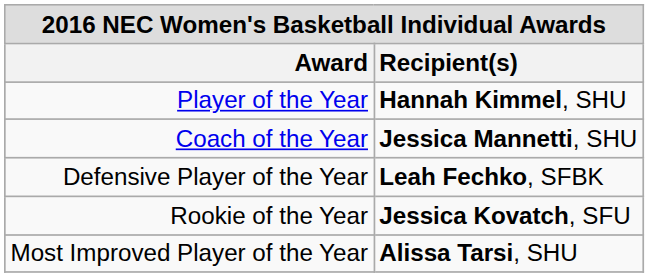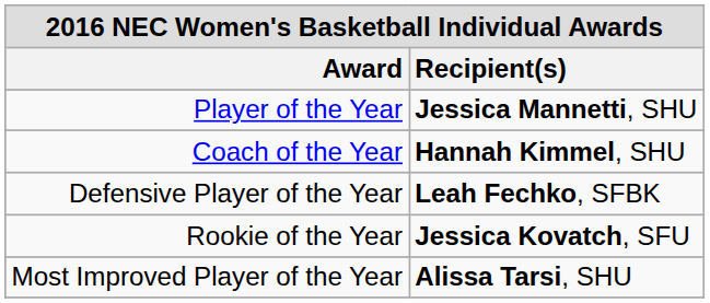 <table class="wikitable" style="white-space:nowrap; font-size:90%;">
 <tr>
 <td colspan="7" style="text-align:center; background:#ddd;"><strong>2016 NEC Women's Basketball Individual Awards</strong></td>
 </tr>
 <tr>
 <th style="text-align:right;">Award</th>
 <th style="text-align:left;">Recipient(s)</th>
 </tr>
 <tr>
 <td style="text-align:right;"><a href='#'>Player of the Year</a></td>
-<td style="text-align:left;"><strong>Hannah Kimmel</strong>, SHU</td>
+<td style="text-align:left;"><strong>Jessica Mannetti</strong>, SHU</td>
 </tr>
 <tr>
 <td style="text-align:right;"><a href='#'>Coach of the Year</a></td>
-<td style="text-align:left;"><strong>Jessica Mannetti</strong>, SHU</td>
+<td style="text-align:left;"><strong>Hannah Kimmel</strong>, SHU</td>
 </tr>
 <tr>
 <td style="text-align:right;">Defensive Player of the Year</td>
 <td style="text-align:left;"><strong>Leah Fechko</strong>, SFBK</td>
 </tr>
 <tr>
 <td style="text-align:right;">Rookie of the Year</td>
 <td style="text-align:left;"><strong>Jessica Kovatch</strong>, SFU</td>
 </tr>
 <tr>
 <td style="text-align:right;">Most Improved Player of the Year</td>
 <td style="text-align:left;"><strong>Alissa Tarsi</strong>, SHU</td>
 </tr>
 </table>
